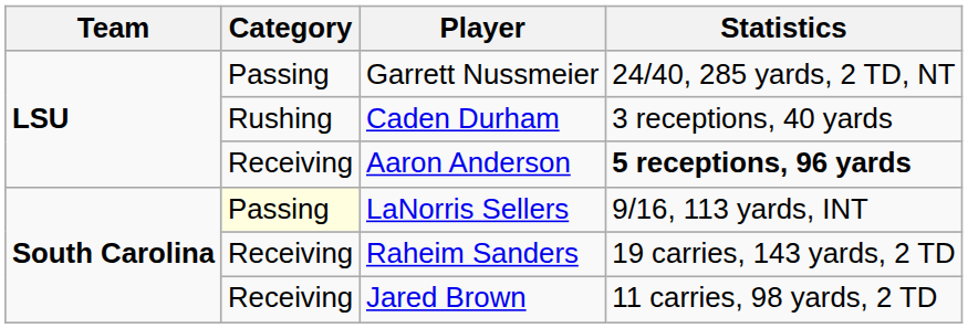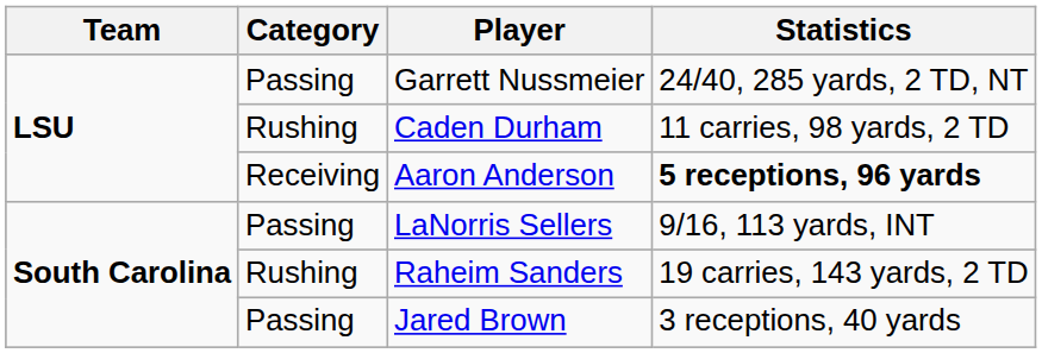 <table class="wikitable" style="float: right;">
 <tr>
 <th>Team</th>
 <th>Category</th>
 <th>Player</th>
 <th>Statistics</th>
 </tr>
 <tr>
 <td rowspan=3><strong>LSU</strong></td>
 <td>Passing</td>
 <td>Garrett Nussmeier</td>
 <td>24/40, 285 yards, 2 TD, NT</td>
 </tr>
 <tr>
 <td>Rushing</td>
 <td><a href='#'>Caden Durham</a></td>
-<td>3 receptions, 40 yards</td>
+<td>11 carries, 98 yards, 2 TD</td>
 </tr>
 <tr>
 <td>Receiving</td>
 <td><a href='#'>Aaron Anderson</a></td>
 <td><strong>5 receptions, 96 yards</strong></td>
 </tr>
 <tr>
 <td rowspan=3><strong>South Carolina</strong></td>
-<td style="background: lightyellow;">Passing</td>
+<td>Passing</td>
 <td><a href='#'>LaNorris Sellers</a></td>
 <td>9/16, 113 yards, INT</td>
 </tr>
 <tr>
-<td>Receiving</td>
+<td>Rushing</td>
 <td><a href='#'>Raheim Sanders</a></td>
 <td>19 carries, 143 yards, 2 TD</td>
 </tr>
 <tr>
-<td>Receiving</td>
+<td>Passing</td>
 <td><a href='#'>Jared Brown</a></td>
-<td>11 carries, 98 yards, 2 TD</td>
+<td>3 receptions, 40 yards</td>
 </tr>
 </table>
